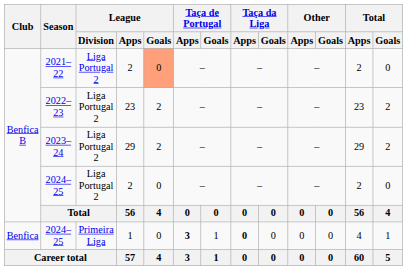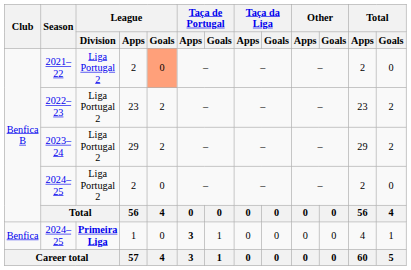 <table class="wikitable" style="text-align:center">
 <tr>
 <th rowspan="2">Club</th>
 <th rowspan="2">Season</th>
 <th colspan="3">League</th>
 <th colspan="2"><a href='#'>Taça de Portugal</a></th>
 <th colspan="2"><a href='#'>Taça da Liga</a></th>
 <th colspan="2">Other</th>
 <th colspan="2">Total</th>
 </tr>
 <tr>
 <th>Division</th>
 <th>Apps</th>
 <th>Goals</th>
 <th>Apps</th>
 <th>Goals</th>
 <th>Apps</th>
 <th>Goals</th>
 <th>Apps</th>
 <th>Goals</th>
 <th>Apps</th>
 <th>Goals</th>
 </tr>
 <tr>
 <td rowspan="5"><a href='#'>Benfica B</a></td>
 <td><a href='#'>2021–22</a></td>
 <td><a href='#'>Liga Portugal 2</a></td>
 <td>2</td>
 <td style="background: lightsalmon;">0</td>
 <td colspan="2">–</td>
 <td colspan="2">–</td>
 <td colspan="2">–</td>
 <td>2</td>
 <td>0</td>
 </tr>
 <tr>
 <td><a href='#'>2022–23</a></td>
 <td>Liga Portugal 2</td>
 <td>23</td>
 <td>2</td>
 <td colspan="2">–</td>
 <td colspan="2">–</td>
 <td colspan="2">–</td>
 <td>23</td>
 <td>2</td>
 </tr>
 <tr>
 <td><a href='#'>2023–24</a></td>
 <td>Liga Portugal 2</td>
 <td>29</td>
 <td>2</td>
 <td colspan="2">–</td>
 <td colspan="2">–</td>
 <td colspan="2">–</td>
 <td>29</td>
 <td>2</td>
 </tr>
 <tr>
 <td><a href='#'>2024–25</a></td>
 <td>Liga Portugal 2</td>
 <td>2</td>
 <td>0</td>
 <td colspan="2">–</td>
 <td colspan="2">–</td>
 <td colspan="2">–</td>
 <td>2</td>
 <td>0</td>
 </tr>
 <tr>
 <th colspan="2">Total</th>
 <th>56</th>
 <th>4</th>
 <th>0</th>
 <th>0</th>
 <th>0</th>
 <th>0</th>
 <th>0</th>
 <th>0</th>
 <th>56</th>
 <th>4</th>
 </tr>
 <tr>
 <td><a href='#'>Benfica</a></td>
 <td><a href='#'>2024–25</a></td>
-<td><a href='#'>Primeira Liga</a></td>
+<td><strong><a href='#'>Primeira Liga</a></strong></td>
 <td>1</td>
 <td>0</td>
 <td><strong>3</strong></td>
 <td>1</td>
-<td><strong>0</strong></td>
+<td>0</td>
 <td>0</td>
 <td>0</td>
 <td>0</td>
 <td>4</td>
 <td>1</td>
 </tr>
 <tr>
 <th colspan="3">Career total</th>
 <th>57</th>
 <th>4</th>
 <th>3</th>
 <th>1</th>
 <th>0</th>
 <th>0</th>
 <th>0</th>
 <th>0</th>
 <th>60</th>
 <th>5</th>
 </tr>
 </table>
